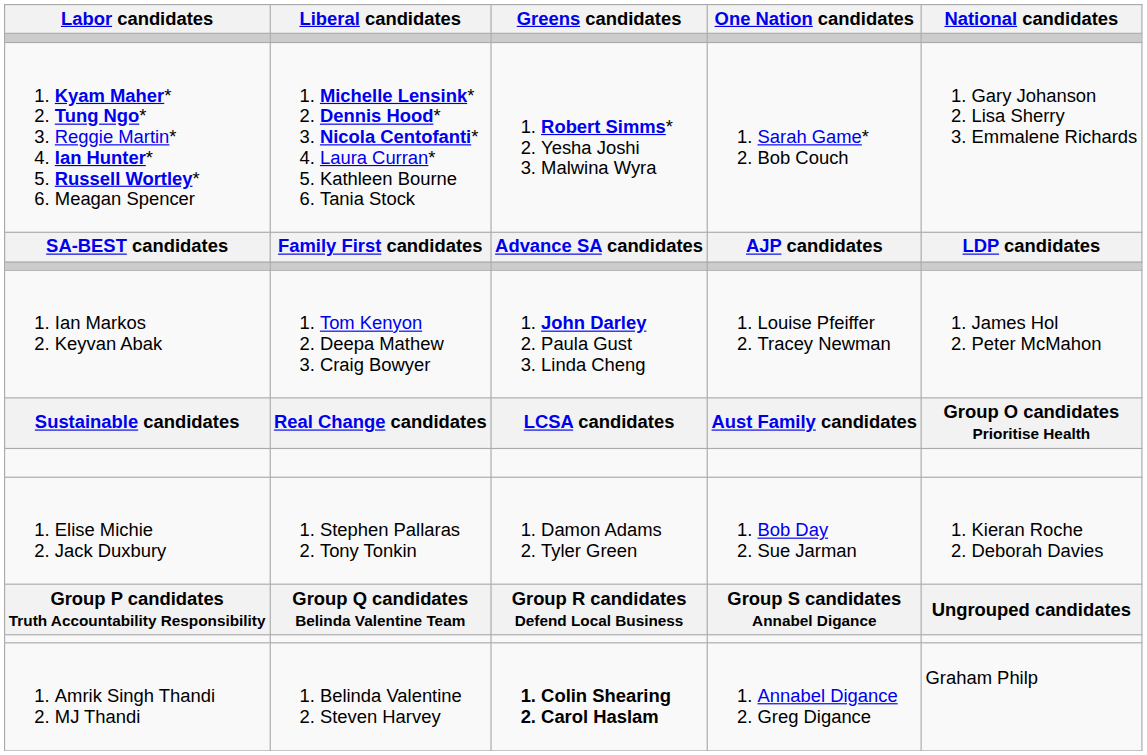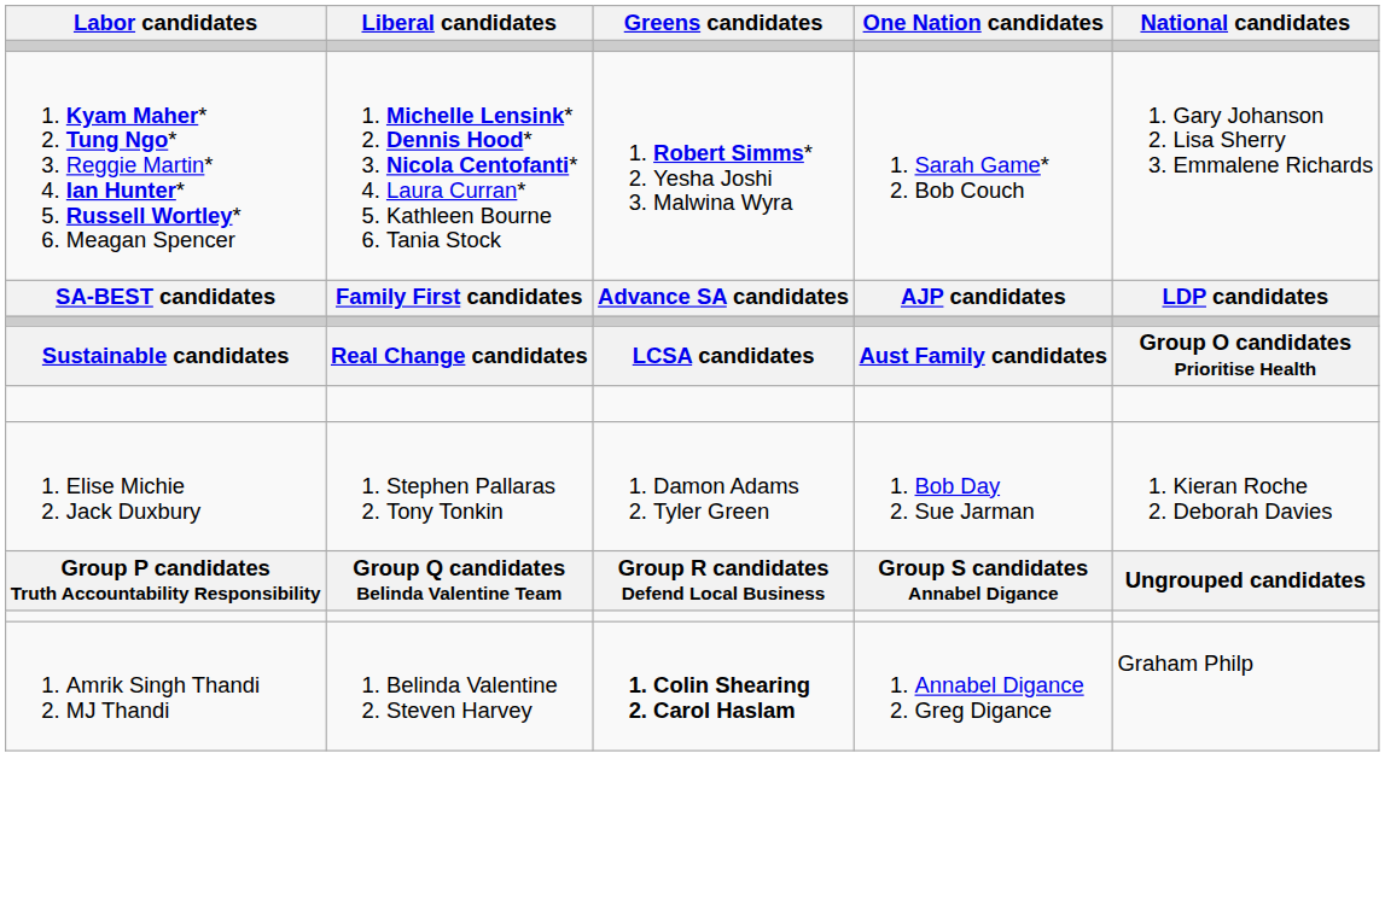 <table class="wikitable">
 <tr>
 <th><a href='#'>Labor</a> candidates</th>
 <th><a href='#'>Liberal</a> candidates</th>
 <th><a href='#'>Greens</a> candidates</th>
 <th><a href='#'>One Nation</a> candidates</th>
 <th><a href='#'>National</a> candidates</th>
 </tr>
 <tr bgcolor="#cccccc">
 <td></td>
 <td></td>
 <td></td>
 <td></td>
 <td></td>
 </tr>
 <tr>
 <td><br><ol><li><strong><a href='#'>Kyam Maher</a></strong>*</li><li><strong><a href='#'>Tung Ngo</a></strong>*</li><li><a href='#'>Reggie Martin</a>*</li><li><strong><a href='#'>Ian Hunter</a></strong>*</li><li><strong><a href='#'>Russell Wortley</a></strong>*</li><li>Meagan Spencer</li></ol></td>
 <td><br><ol><li><strong><a href='#'>Michelle Lensink</a></strong>*</li><li><strong><a href='#'>Dennis Hood</a></strong>*</li><li><strong><a href='#'>Nicola Centofanti</a></strong>*</li><li><a href='#'>Laura Curran</a>*</li><li>Kathleen Bourne</li><li>Tania Stock</li></ol></td>
 <td><br><ol><li><strong><a href='#'>Robert Simms</a></strong>*</li><li>Yesha Joshi</li><li>Malwina Wyra</li></ol></td>
 <td><br><ol><li><a href='#'>Sarah Game</a>*</li><li>Bob Couch</li></ol></td>
 <td valign=top><br><ol><li>Gary Johanson</li><li>Lisa Sherry</li><li>Emmalene Richards</li></ol></td>
 </tr>
 <tr bgcolor="#cccccc">
 <th><a href='#'>SA-BEST</a> candidates</th>
 <th><a href='#'>Family First</a> candidates</th>
 <th><a href='#'>Advance SA</a> candidates</th>
 <th><a href='#'>AJP</a> candidates</th>
 <th><a href='#'>LDP</a> candidates</th>
 </tr>
 <tr bgcolor="#cccccc">
 <td></td>
 <td></td>
 <td></td>
 <td></td>
 <td></td>
-</tr>
-<tr>
-<td valign=top><br><ol><li>Ian Markos</li><li>Keyvan Abak</li></ol></td>
-<td valign=top><br><ol><li><a href='#'>Tom Kenyon</a></li><li>Deepa Mathew</li><li>Craig Bowyer</li></ol></td>
-<td valign=top><br><ol><li><strong><a href='#'>John Darley</a></strong></li><li>Paula Gust</li><li>Linda Cheng</li></ol></td>
-<td valign=top><br><ol><li>Louise Pfeiffer</li><li>Tracey Newman</li></ol></td>
-<td valign=top><br><ol><li>James Hol</li><li>Peter McMahon</li></ol></td>
 </tr>
 <tr>
 <th><a href='#'>Sustainable</a> candidates</th>
 <th><a href='#'>Real Change</a> candidates</th>
 <th><a href='#'>LCSA</a> candidates</th>
 <th><a href='#'>Aust Family</a> candidates</th>
 <th>Group O candidates <br> <small>Prioritise Health</small></th>
 </tr>
 <tr>
 <td> </td>
 <td> </td>
 <td> </td>
 <td></td>
 <td></td>
 </tr>
 <tr>
 <td valign=top><br><ol><li>Elise Michie</li><li>Jack Duxbury</li></ol></td>
 <td valign=top><br><ol><li>Stephen Pallaras</li><li>Tony Tonkin</li></ol></td>
 <td valign=top><br><ol><li>Damon Adams</li><li>Tyler Green</li></ol></td>
 <td valign=top><br><ol><li><a href='#'>Bob Day</a></li><li>Sue Jarman</li></ol></td>
 <td valign=top><br><ol><li>Kieran Roche</li><li>Deborah Davies</li></ol></td>
 </tr>
 <tr>
 <th>Group P candidates <br> <small>Truth Accountability Responsibility</small></th>
 <th>Group Q candidates <br> <small>Belinda Valentine Team</small></th>
 <th>Group R candidates <br> <small>Defend Local Business</small></th>
 <th>Group S candidates <br> <small>Annabel Digance</small></th>
 <th>Ungrouped candidates</th>
 </tr>
 <tr>
 <td></td>
 <td></td>
 <td></td>
 <td></td>
 <td></td>
 </tr>
 <tr>
 <td valign=top><br><ol><li>Amrik Singh Thandi</li><li>MJ Thandi</li></ol></td>
 <td valign=top><br><ol><li>Belinda Valentine</li><li>Steven Harvey</li></ol></td>
 <td valign=top><strong><br><ol><li>Colin Shearing</li><li>Carol Haslam</li></ol></strong></td>
 <td valign=top><br><ol><li><a href='#'>Annabel Digance</a></li><li>Greg Digance</li></ol></td>
 <td valign=top><br>Graham Philp</td>
 </tr>
 </table>
